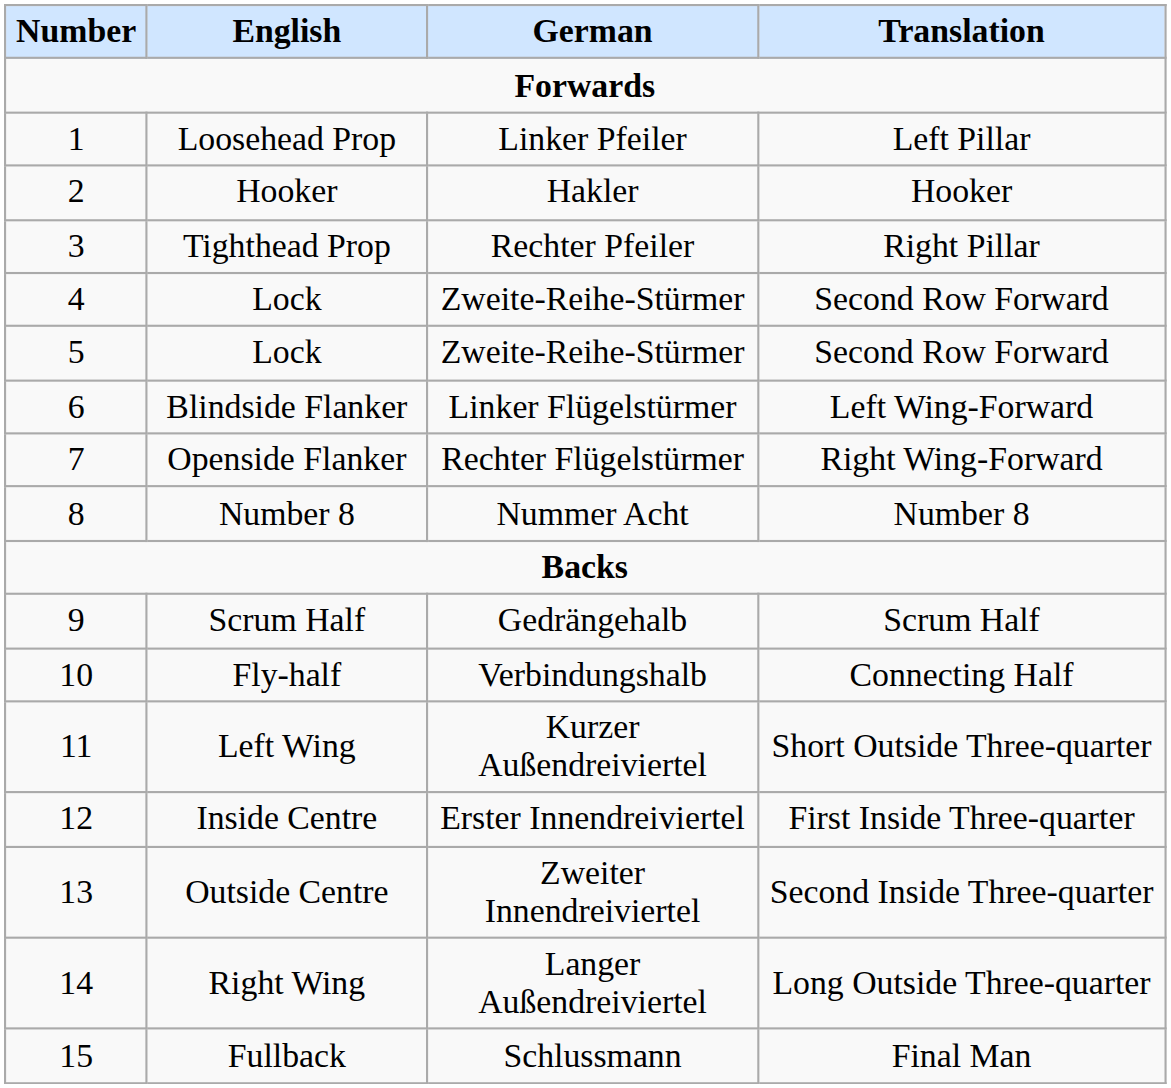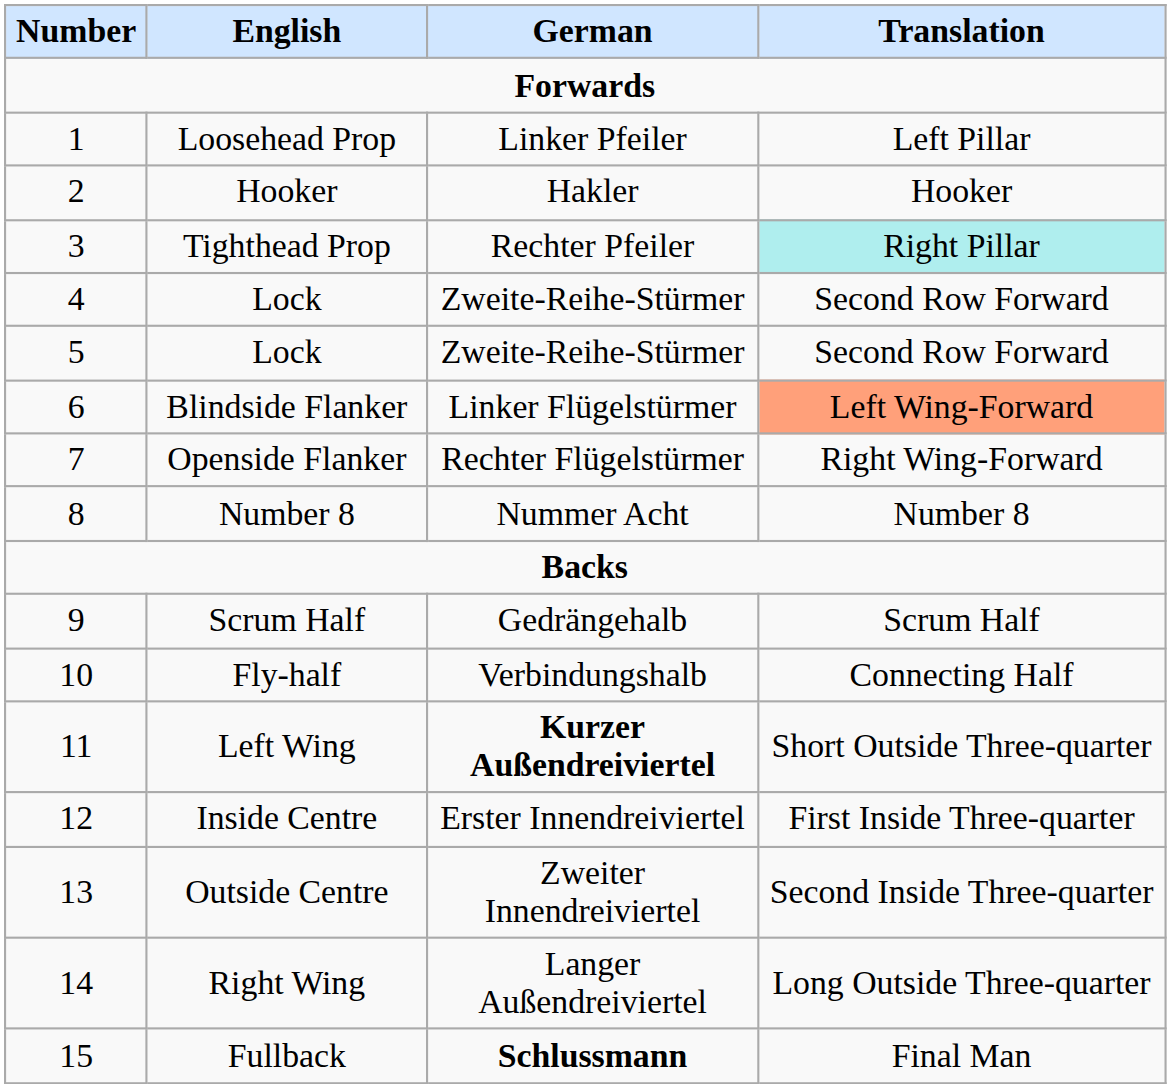 <table class="wikitable">
 <tr align="center" bgcolor="#D0E6FF">
 <td width="60"><strong>Number</strong></td>
 <td width="125"><strong>English</strong></td>
 <td width="150"><strong>German</strong></td>
 <td width="185"><strong>Translation</strong></td>
 </tr>
 <tr align="center">
 <td colspan=4><strong>Forwards</strong></td>
 </tr>
 <tr align="center">
 <td>1</td>
 <td>Loosehead Prop</td>
 <td>Linker Pfeiler</td>
 <td>Left Pillar</td>
 </tr>
 <tr align="center">
 <td>2</td>
 <td>Hooker</td>
 <td>Hakler</td>
 <td>Hooker</td>
 </tr>
 <tr align="center">
 <td>3</td>
 <td>Tighthead Prop</td>
 <td>Rechter Pfeiler</td>
-<td>Right Pillar</td>
+<td style="background: paleturquoise;">Right Pillar</td>
 </tr>
 <tr align="center">
 <td>4</td>
 <td>Lock</td>
 <td>Zweite-Reihe-Stürmer</td>
 <td>Second Row Forward</td>
 </tr>
 <tr align="center">
 <td>5</td>
 <td>Lock</td>
 <td>Zweite-Reihe-Stürmer</td>
 <td>Second Row Forward</td>
 </tr>
 <tr align="center">
 <td>6</td>
 <td>Blindside Flanker</td>
 <td>Linker Flügelstürmer</td>
-<td>Left Wing-Forward</td>
+<td style="background: lightsalmon;">Left Wing-Forward</td>
 </tr>
 <tr align="center">
 <td>7</td>
 <td>Openside Flanker</td>
 <td>Rechter Flügelstürmer</td>
 <td>Right Wing-Forward</td>
 </tr>
 <tr align="center">
 <td>8</td>
 <td>Number 8</td>
 <td>Nummer Acht</td>
 <td>Number 8</td>
 </tr>
 <tr align="center">
 <td colspan=4><strong>Backs</strong></td>
 </tr>
 <tr align="center">
 <td>9</td>
 <td>Scrum Half</td>
 <td>Gedrängehalb</td>
 <td>Scrum Half</td>
 </tr>
 <tr align="center">
 <td>10</td>
 <td>Fly-half</td>
 <td>Verbindungshalb</td>
 <td>Connecting Half</td>
 </tr>
 <tr align="center">
 <td>11</td>
 <td>Left Wing</td>
-<td>Kurzer Außendreiviertel</td>
+<td><strong>Kurzer Außendreiviertel</strong></td>
 <td>Short Outside Three-quarter</td>
 </tr>
 <tr align="center">
 <td>12</td>
 <td>Inside Centre</td>
 <td>Erster Innendreiviertel</td>
 <td>First Inside Three-quarter</td>
 </tr>
 <tr align="center">
 <td>13</td>
 <td>Outside Centre</td>
 <td>Zweiter Innendreiviertel</td>
 <td>Second Inside Three-quarter</td>
 </tr>
 <tr align="center">
 <td>14</td>
 <td>Right Wing</td>
 <td>Langer Außendreiviertel</td>
 <td>Long Outside Three-quarter</td>
 </tr>
 <tr align="center">
 <td>15</td>
 <td>Fullback</td>
-<td>Schlussmann</td>
+<td><strong>Schlussmann</strong></td>
 <td>Final Man</td>
 </tr>
 </table>
